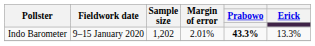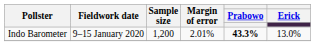 <table class="wikitable" style="text-align:center; font-size:90%; line-height:14px;">
 <tr bgcolor=lightgray>
 <th style="width:95px;" rowspan="3">Pollster</th>
 <th style="width:110px;" rowspan="3">Fieldwork date</th>
 <th style="width:35px;" rowspan="3">Sample size</th>
 <th rowspan="3" style="width:60px;">Margin of error</th>
 <th style="width:60px;"></th>
 <th style="width:60px;"></th>
 </tr>
 <tr>
 <th><a href='#'>Prabowo</a> <br></th>
 <th><a href='#'>Erick</a> <br></th>
 </tr>
 <tr>
 <th class="unsortable" style="color:inherit;background:"></th>
 <th class="unsortable" style="color:inherit;background:#3F2347; width:40px;"></th>
 </tr>
 <tr>
 <td>Indo Barometer</td>
 <td>9–15 January 2020</td>
-<td>1,202</td>
+<td>1,200</td>
 <td>2.01%</td>
 <td style="background-color:#"><strong>43.3%</strong></td>
-<td>13.3%</td>
+<td>13.0%</td>
 </tr>
 <tr>
 </tr>
 </table>
